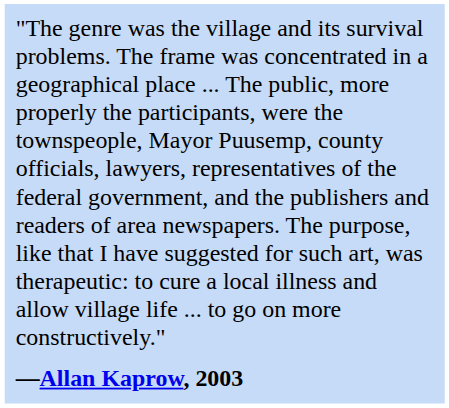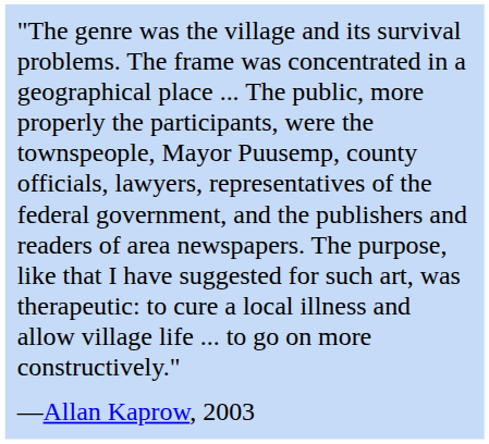 <table class="toccolours" style="float: right; clear: right; margin-left: 1em; margin-right: 2em; font-size: 85%; background:#c6dbf7; color:black; width:30em; max-width: 40%;" cellspacing="5">
 <tr>
 <td style="text-align: left;">"The genre was the village and its survival problems. The frame was concentrated in a geographical place ... The public, more properly the participants, were the townspeople, Mayor Puusemp, county officials, lawyers, representatives of the federal government, and the publishers and readers of area newspapers. The purpose, like that I have suggested for such art, was therapeutic: to cure a local illness and allow village life ... to go on more constructively."</td>
 </tr>
 <tr>
-<td style="text-align: left;"><strong>—<a href='#'>Allan Kaprow</a>, 2003</strong></td>
+<td style="text-align: left;">—<a href='#'>Allan Kaprow</a>, 2003</td>
 </tr>
 </table>
